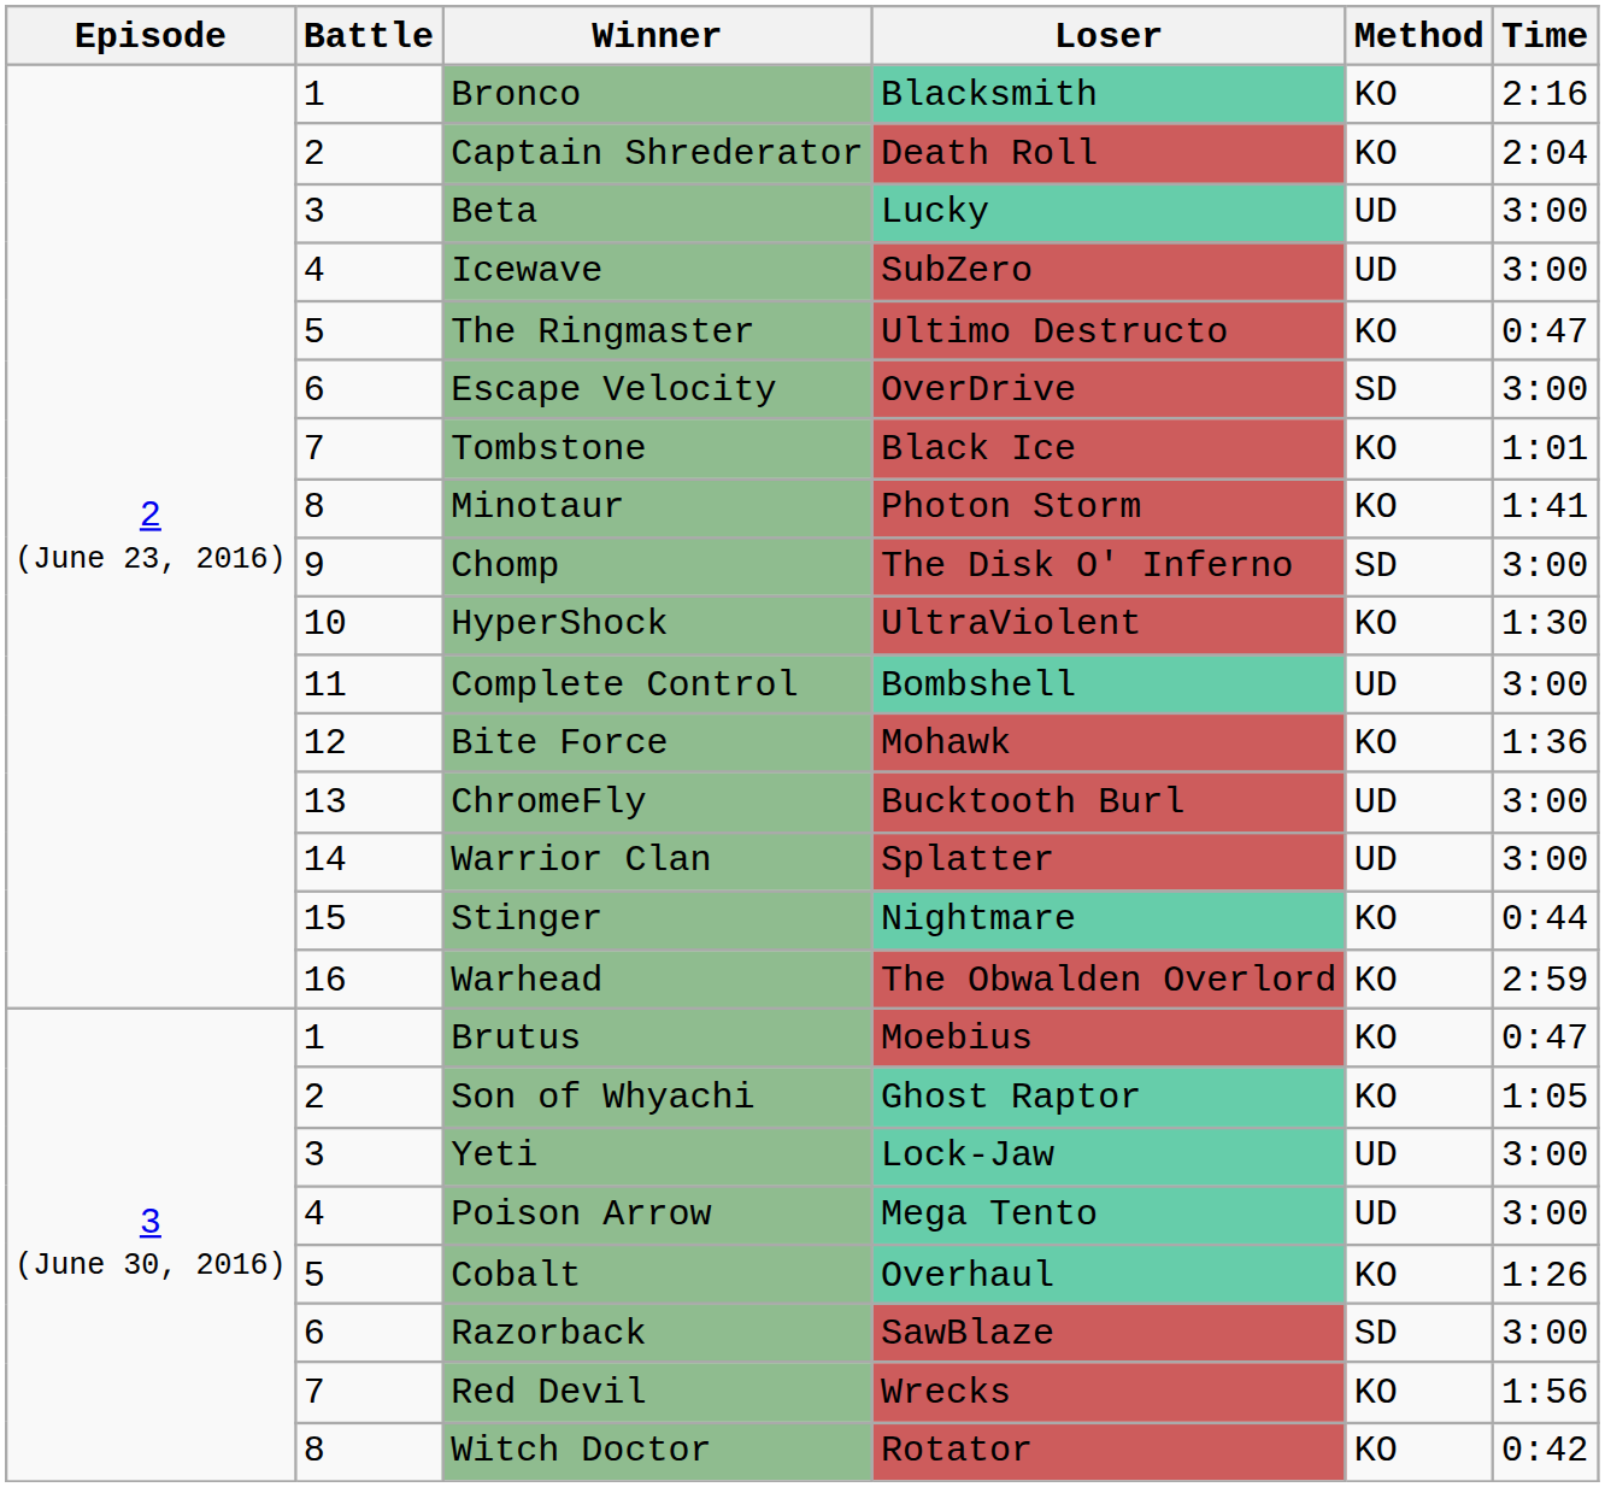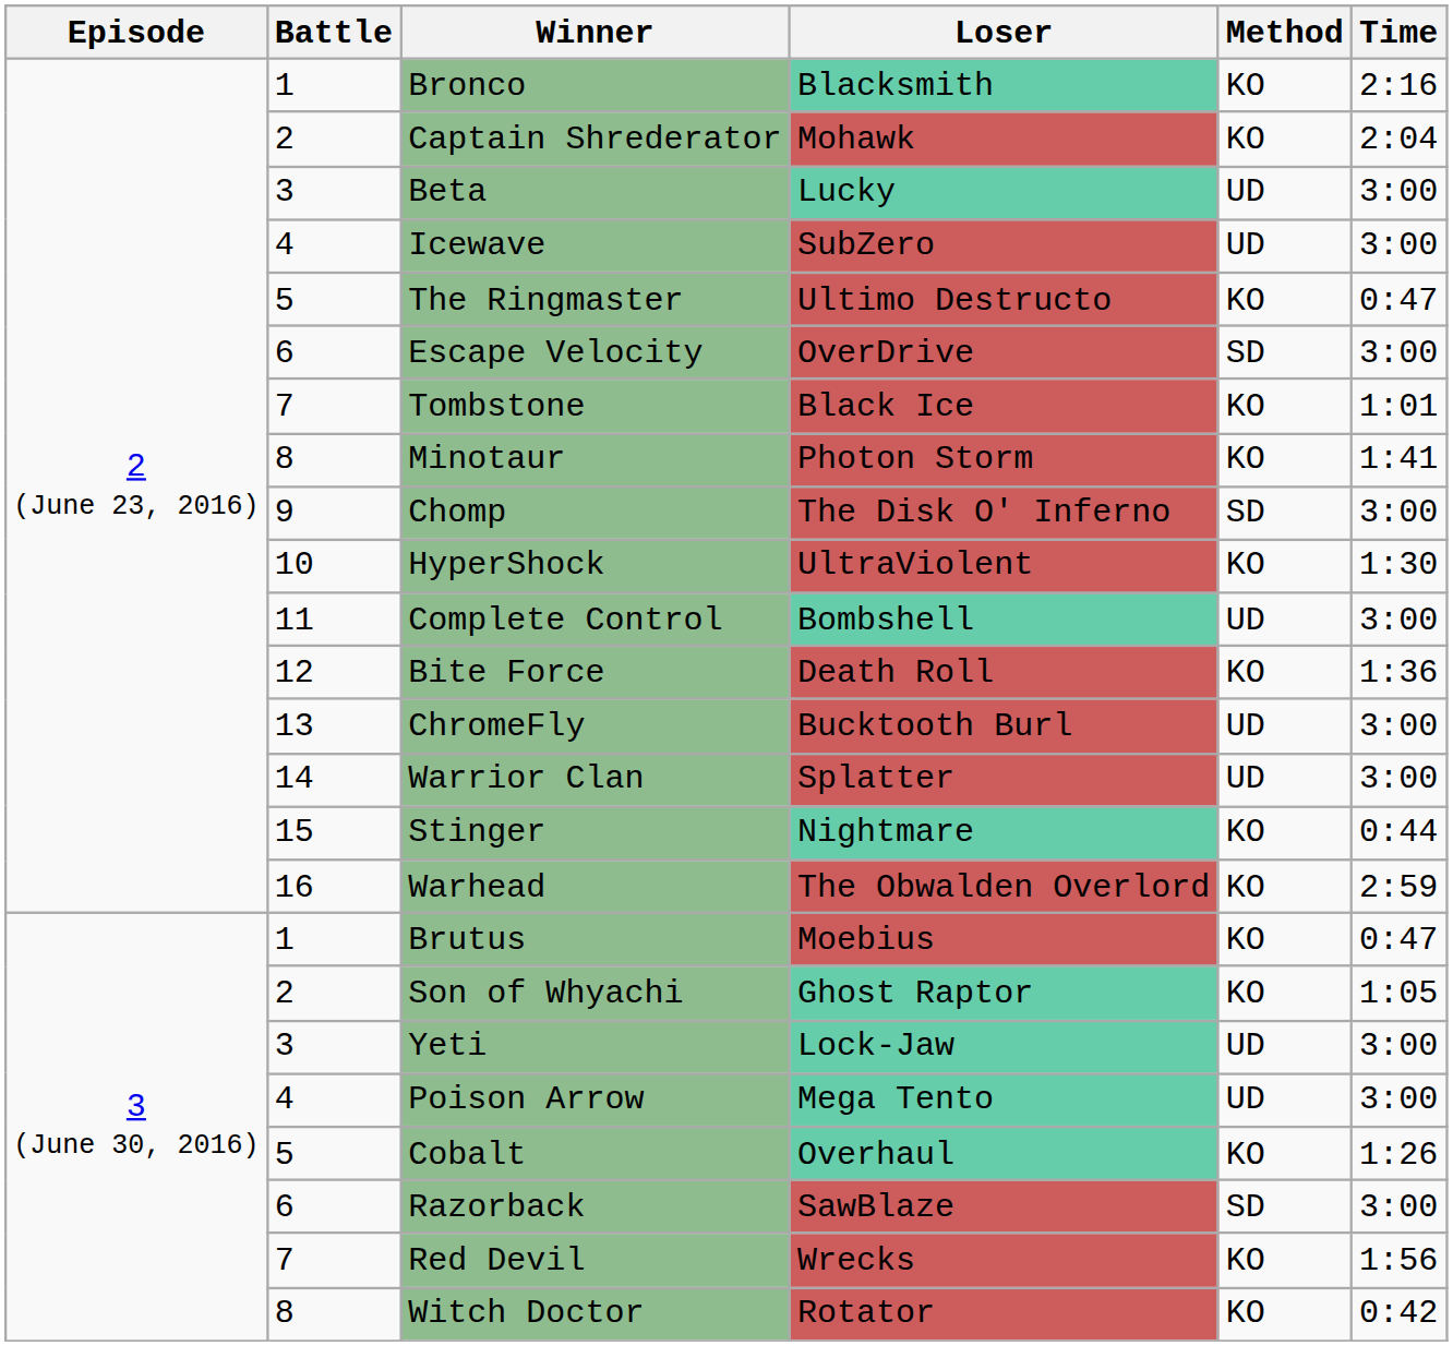 <table class="wikitable">
 <tr>
 <th>Episode</th>
 <th>Battle</th>
 <th>Winner</th>
 <th>Loser</th>
 <th>Method</th>
 <th>Time</th>
 </tr>
 <tr>
 <td style="text-align:center;" rowspan="16"><a href='#'>2</a><br><small>(June 23, 2016)</small></td>
 <td>1</td>
 <td style="background:DarkSeaGreen;">Bronco</td>
 <td style="background:MediumAquamarine;">Blacksmith</td>
 <td>KO</td>
 <td>2:16</td>
 </tr>
 <tr>
 <td>2</td>
 <td style="background:DarkSeaGreen;">Captain Shrederator</td>
-<td style="background:IndianRed;">Death Roll</td>
+<td style="background:IndianRed;">Mohawk</td>
 <td>KO</td>
 <td>2:04</td>
 </tr>
 <tr>
 <td>3</td>
 <td style="background:DarkSeaGreen;">Beta</td>
 <td style="background:MediumAquamarine;">Lucky</td>
 <td>UD</td>
 <td>3:00</td>
 </tr>
 <tr>
 <td>4</td>
 <td style="background:DarkSeaGreen;">Icewave</td>
 <td style="background:IndianRed;">SubZero</td>
 <td>UD</td>
 <td>3:00</td>
 </tr>
 <tr>
 <td>5</td>
 <td style="background:DarkSeaGreen;">The Ringmaster</td>
 <td style="background:IndianRed;">Ultimo Destructo</td>
 <td>KO</td>
 <td>0:47</td>
 </tr>
 <tr>
 <td>6</td>
 <td style="background:DarkSeaGreen;">Escape Velocity</td>
 <td style="background:IndianRed;">OverDrive</td>
 <td>SD</td>
 <td>3:00</td>
 </tr>
 <tr>
 <td>7</td>
 <td style="background:DarkSeaGreen;">Tombstone</td>
 <td style="background:IndianRed;">Black Ice</td>
 <td>KO</td>
 <td>1:01</td>
 </tr>
 <tr>
 <td>8</td>
 <td style="background:DarkSeaGreen;">Minotaur</td>
 <td style="background:IndianRed;">Photon Storm</td>
 <td>KO</td>
 <td>1:41</td>
 </tr>
 <tr>
 <td>9</td>
 <td style="background:DarkSeaGreen;">Chomp</td>
 <td style="background:IndianRed;">The Disk O' Inferno</td>
 <td>SD</td>
 <td>3:00</td>
 </tr>
 <tr>
 <td>10</td>
 <td style="background:DarkSeaGreen;">HyperShock</td>
 <td style="background:IndianRed;">UltraViolent</td>
 <td>KO</td>
 <td>1:30</td>
 </tr>
 <tr>
 <td>11</td>
 <td style="background:DarkSeaGreen;">Complete Control</td>
 <td style="background:MediumAquamarine;">Bombshell</td>
 <td>UD</td>
 <td>3:00</td>
 </tr>
 <tr>
 <td>12</td>
 <td style="background:DarkSeaGreen;">Bite Force</td>
-<td style="background:IndianRed;">Mohawk</td>
+<td style="background:IndianRed;">Death Roll</td>
 <td>KO</td>
 <td>1:36</td>
 </tr>
 <tr>
 <td>13</td>
 <td style="background:DarkSeaGreen;">ChromeFly</td>
 <td style="background:IndianRed;">Bucktooth Burl</td>
 <td>UD</td>
 <td>3:00</td>
 </tr>
 <tr>
 <td>14</td>
 <td style="background:DarkSeaGreen;">Warrior Clan</td>
 <td style="background:IndianRed;">Splatter</td>
 <td>UD</td>
 <td>3:00</td>
 </tr>
 <tr>
 <td>15</td>
 <td style="background:DarkSeaGreen;">Stinger</td>
 <td style="background:MediumAquamarine;">Nightmare</td>
 <td>KO</td>
 <td>0:44</td>
 </tr>
 <tr>
 <td>16</td>
 <td style="background:DarkSeaGreen;">Warhead</td>
 <td style="background:IndianRed;">The Obwalden Overlord</td>
 <td>KO</td>
 <td>2:59</td>
 </tr>
 <tr>
 <td style="text-align:center;" rowspan="8"><a href='#'>3</a><br><small>(June 30, 2016)</small></td>
 <td>1</td>
 <td style="background:DarkSeaGreen;">Brutus</td>
 <td style="background:IndianRed;">Moebius</td>
 <td>KO</td>
 <td>0:47</td>
 </tr>
 <tr>
 <td>2</td>
 <td style="background:DarkSeaGreen;">Son of Whyachi</td>
 <td style="background:MediumAquamarine;">Ghost Raptor</td>
 <td>KO</td>
 <td>1:05</td>
 </tr>
 <tr>
 <td>3</td>
 <td style="background:DarkSeaGreen;">Yeti</td>
 <td style="background:MediumAquamarine;">Lock-Jaw</td>
 <td>UD</td>
 <td>3:00</td>
 </tr>
 <tr>
 <td>4</td>
 <td style="background:DarkSeaGreen;">Poison Arrow</td>
 <td style="background:MediumAquamarine;">Mega Tento</td>
 <td>UD</td>
 <td>3:00</td>
 </tr>
 <tr>
 <td>5</td>
 <td style="background:DarkSeaGreen;">Cobalt</td>
 <td style="background:MediumAquamarine;">Overhaul</td>
 <td>KO</td>
 <td>1:26</td>
 </tr>
 <tr>
 <td>6</td>
 <td style="background:DarkSeaGreen;">Razorback</td>
 <td style="background:IndianRed;">SawBlaze</td>
 <td>SD</td>
 <td>3:00</td>
 </tr>
 <tr>
 <td>7</td>
 <td style="background:DarkSeaGreen;">Red Devil</td>
 <td style="background:IndianRed;">Wrecks</td>
 <td>KO</td>
 <td>1:56</td>
 </tr>
 <tr>
 <td>8</td>
 <td style="background:DarkSeaGreen;">Witch Doctor</td>
 <td style="background:IndianRed;">Rotator</td>
 <td>KO</td>
 <td>0:42</td>
 </tr>
 </table>
